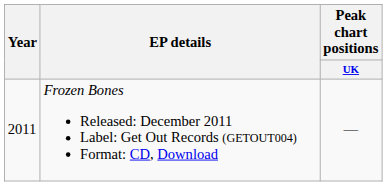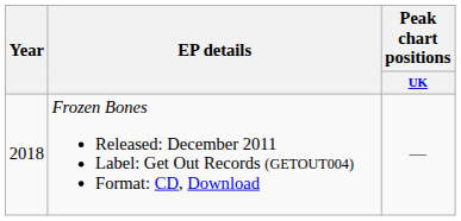 <table class="wikitable" border="1">
 <tr>
 <th rowspan="2">Year</th>
 <th rowspan="2" width="300">EP details</th>
 <th>Peak chart positions</th>
 </tr>
 <tr>
 <th style="width:3em;font-size:75%;"><a href='#'>UK</a><br></th>
 </tr>
 <tr>
-<td>2011</td>
+<td>2018</td>
 <td><em>Frozen Bones</em><br><ul><li>Released: December 2011</li><li>Label: Get Out Records <small>(GETOUT004)</small></li><li>Format: <a href='#'>CD</a>, <a href='#'>Download</a></li></ul></td>
 <td align="center">—</td>
 </tr>
 </table>
